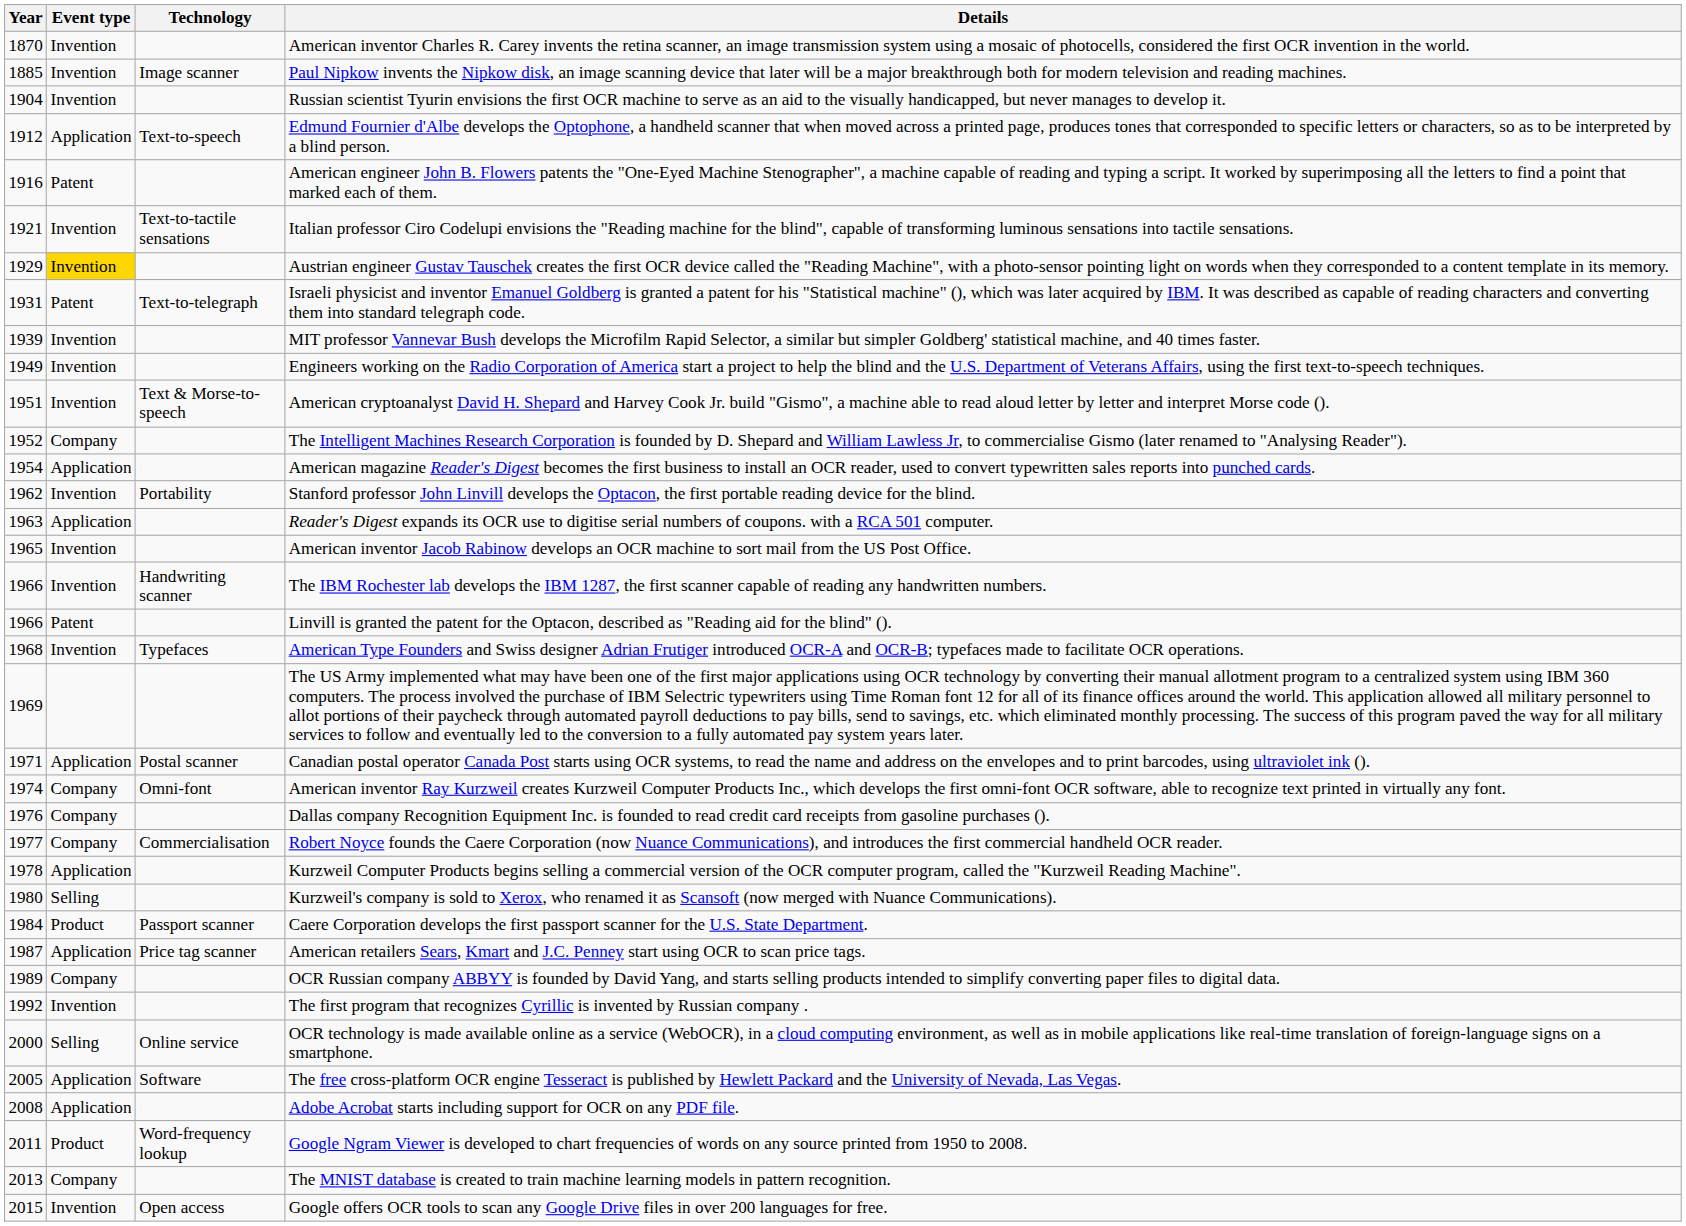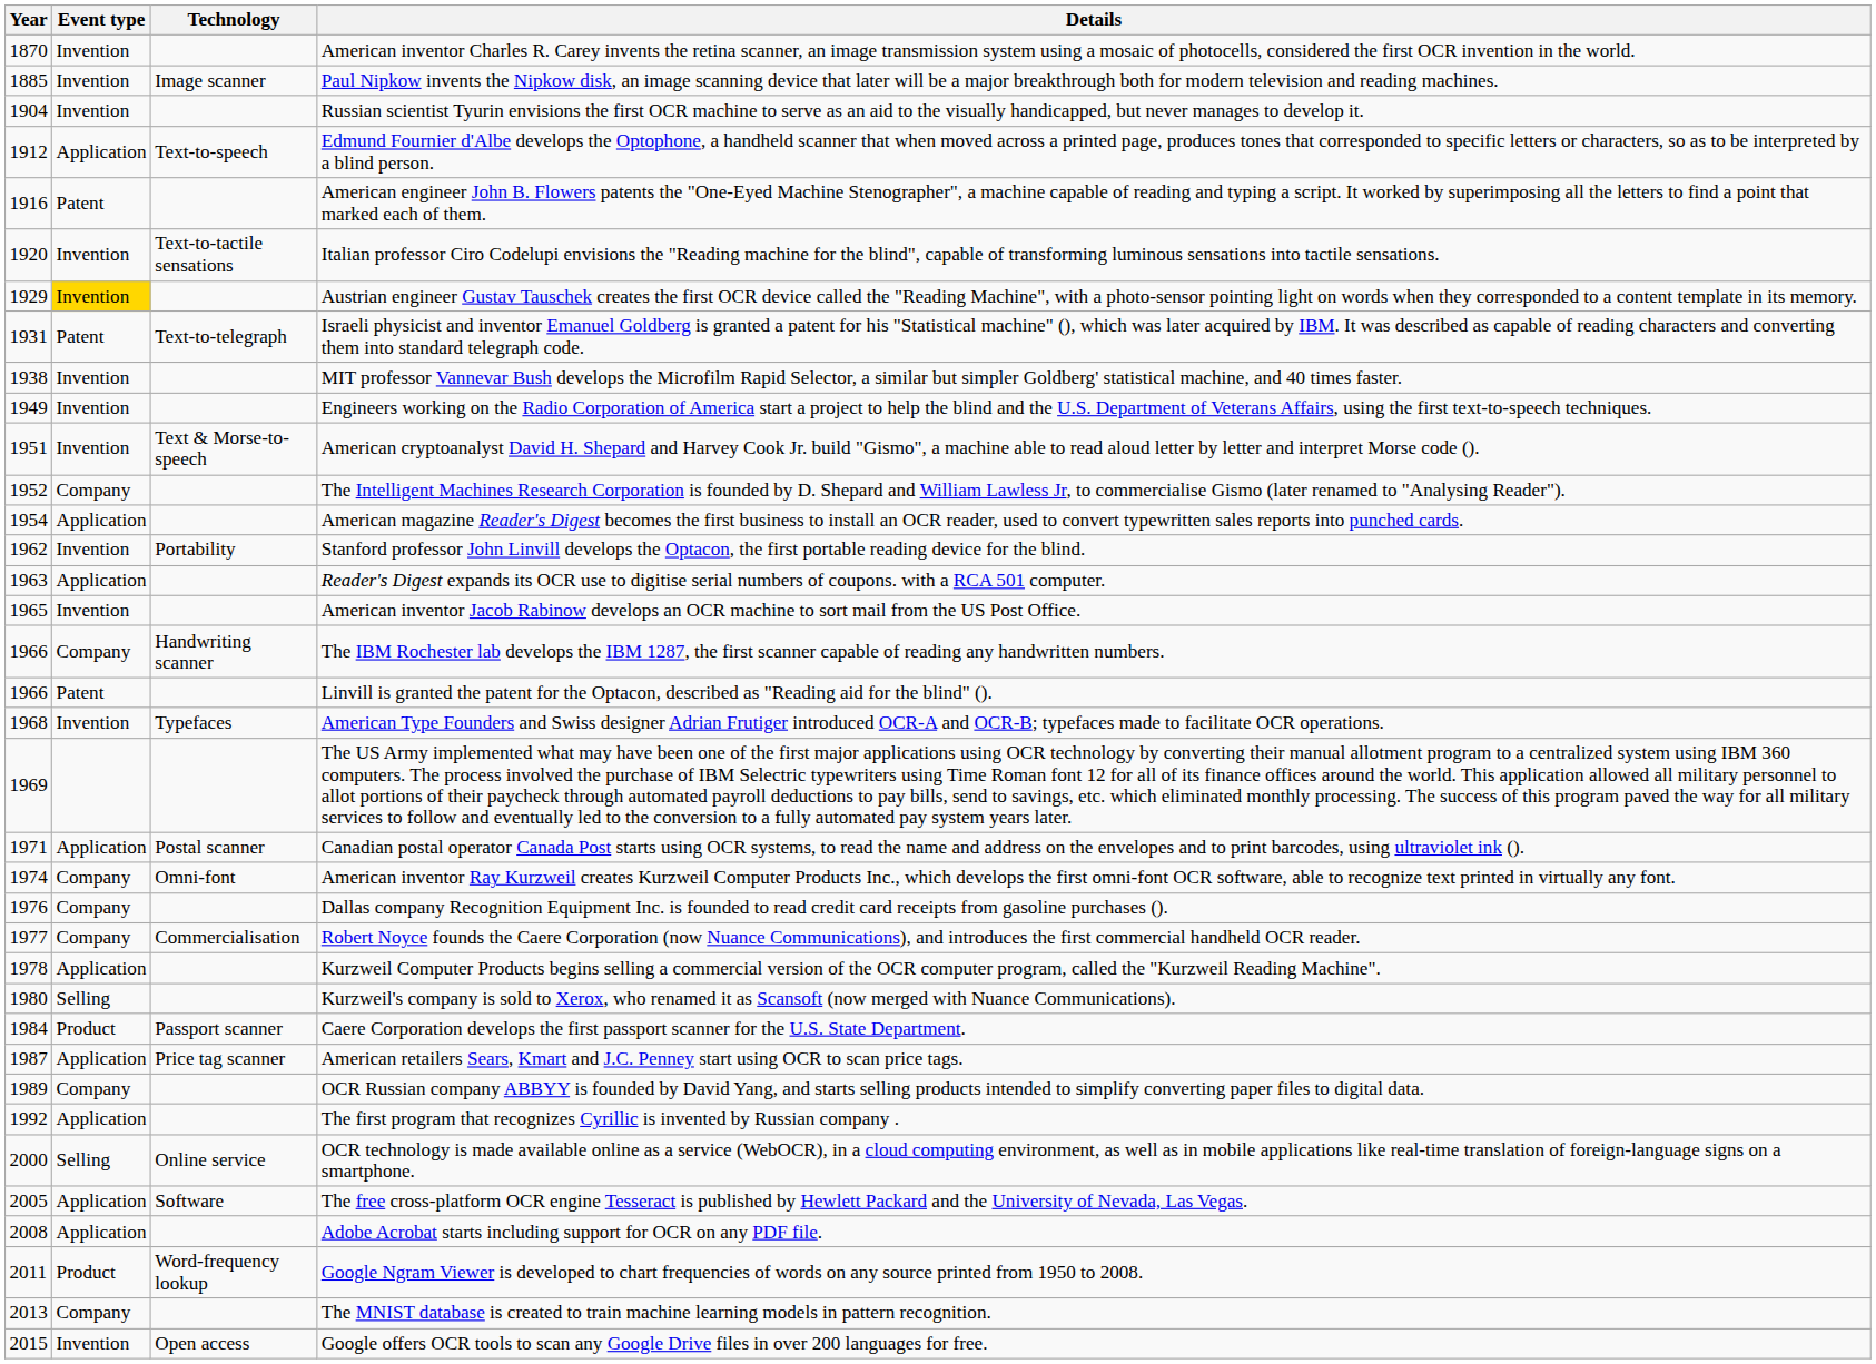 <table class="wikitable sortable">
 <tr>
 <th>Year</th>
 <th>Event type</th>
 <th>Technology</th>
 <th>Details</th>
 </tr>
 <tr>
 <td>1870</td>
 <td>Invention</td>
 <td></td>
 <td>American inventor Charles R. Carey invents the retina scanner, an image transmission system using a mosaic of photocells, considered the first OCR invention in the world.</td>
 </tr>
 <tr>
 <td>1885</td>
 <td>Invention</td>
 <td>Image scanner</td>
 <td><a href='#'>Paul Nipkow</a> invents the <a href='#'>Nipkow disk</a>, an image scanning device that later will be a major breakthrough both for modern television and reading machines.</td>
 </tr>
 <tr>
 <td>1904</td>
 <td>Invention</td>
 <td></td>
 <td>Russian scientist Tyurin envisions the first OCR machine to serve as an aid to the visually handicapped, but never manages to develop it.</td>
 </tr>
 <tr>
 <td>1912</td>
 <td>Application</td>
 <td>Text-to-speech</td>
 <td><a href='#'>Edmund Fournier d'Albe</a> develops the <a href='#'>Optophone</a>, a handheld scanner that when moved across a printed page, produces tones that corresponded to specific letters or characters, so as to be interpreted by a blind person.</td>
 </tr>
 <tr>
 <td>1916</td>
 <td>Patent</td>
 <td></td>
 <td>American engineer <a href='#'>John B. Flowers</a> patents the "One-Eyed Machine Stenographer", a machine capable of reading and typing a script. It worked by superimposing all the letters to find a point that marked each of them.</td>
 </tr>
 <tr>
-<td>1921</td>
+<td>1920</td>
 <td>Invention</td>
 <td>Text-to-tactile sensations</td>
 <td>Italian professor Ciro Codelupi envisions the "Reading machine for the blind", capable of transforming luminous sensations into tactile sensations.</td>
 </tr>
 <tr>
 <td>1929</td>
 <td style="background: gold;">Invention</td>
 <td></td>
 <td>Austrian engineer <a href='#'>Gustav Tauschek</a> creates the first OCR device called the "Reading Machine", with a photo-sensor pointing light on words when they corresponded to a content template in its memory.</td>
 </tr>
 <tr>
 <td>1931</td>
 <td>Patent</td>
 <td>Text-to-telegraph</td>
 <td>Israeli physicist and inventor <a href='#'>Emanuel Goldberg</a> is granted a patent for his "Statistical machine" (), which was later acquired by <a href='#'>IBM</a>. It was described as capable of reading characters and converting them into standard telegraph code.</td>
 </tr>
 <tr>
-<td>1939</td>
+<td>1938</td>
 <td>Invention</td>
 <td></td>
 <td>MIT professor <a href='#'>Vannevar Bush</a> develops the Microfilm Rapid Selector, a similar but simpler Goldberg' statistical machine, and 40 times faster.</td>
 </tr>
 <tr>
 <td>1949</td>
 <td>Invention</td>
 <td></td>
 <td>Engineers working on the <a href='#'>Radio Corporation of America</a> start a project to help the blind and the <a href='#'>U.S. Department of Veterans Affairs</a>, using the first text-to-speech techniques.</td>
 </tr>
 <tr>
 <td>1951</td>
 <td>Invention</td>
 <td>Text & Morse-to-speech</td>
 <td>American cryptoanalyst <a href='#'>David H. Shepard</a> and Harvey Cook Jr. build "Gismo", a machine able to read aloud letter by letter and interpret Morse code ().</td>
 </tr>
 <tr>
 <td>1952</td>
 <td>Company</td>
 <td></td>
 <td>The <a href='#'>Intelligent Machines Research Corporation</a> is founded by D. Shepard and <a href='#'>William Lawless Jr</a>, to commercialise Gismo (later renamed to "Analysing Reader").</td>
 </tr>
 <tr>
 <td>1954</td>
 <td>Application</td>
 <td></td>
 <td>American magazine <em><a href='#'>Reader's Digest</a></em> becomes the first business to install an OCR reader, used to convert typewritten sales reports into <a href='#'>punched cards</a>.</td>
 </tr>
 <tr>
 <td>1962</td>
 <td>Invention</td>
 <td>Portability</td>
 <td>Stanford professor <a href='#'>John Linvill</a> develops the <a href='#'>Optacon</a>, the first portable reading device for the blind.</td>
 </tr>
 <tr>
 <td>1963</td>
 <td>Application</td>
 <td></td>
 <td><em>Reader's Digest</em> expands its OCR use to digitise serial numbers of coupons. with a <a href='#'>RCA 501</a> computer.</td>
 </tr>
 <tr>
 <td>1965</td>
 <td>Invention</td>
 <td></td>
 <td>American inventor <a href='#'>Jacob Rabinow</a> develops an OCR machine to sort mail from the US Post Office.</td>
 </tr>
 <tr>
 <td>1966</td>
-<td>Invention</td>
+<td>Company</td>
 <td>Handwriting scanner</td>
 <td>The <a href='#'>IBM Rochester lab</a> develops the <a href='#'>IBM 1287</a>, the first scanner capable of reading any handwritten numbers.</td>
 </tr>
 <tr>
 <td>1966</td>
 <td>Patent</td>
 <td></td>
 <td>Linvill is granted the patent for the Optacon, described as "Reading aid for the blind" ().</td>
 </tr>
 <tr>
 <td>1968</td>
 <td>Invention</td>
 <td>Typefaces</td>
 <td><a href='#'>American Type Founders</a> and Swiss designer <a href='#'>Adrian Frutiger</a> introduced <a href='#'>OCR-A</a> and <a href='#'>OCR-B</a>; typefaces made to facilitate OCR operations.</td>
 </tr>
 <tr>
 <td>1969</td>
 <td></td>
 <td></td>
 <td>The US Army implemented what may have been one of the first major applications using OCR technology by converting their manual allotment program to a centralized system using IBM 360 computers. The process involved the purchase of IBM Selectric typewriters using Time Roman font 12 for all of its finance offices around the world. This application allowed all military personnel to allot portions of their paycheck through automated payroll deductions to pay bills, send to savings, etc. which eliminated monthly processing. The success of this program paved the way for all military services to follow and eventually led to the conversion to a fully automated pay system years later.</td>
 </tr>
 <tr>
 <td>1971</td>
 <td>Application</td>
 <td>Postal scanner</td>
 <td>Canadian postal operator <a href='#'>Canada Post</a> starts using OCR systems, to read the name and address on the envelopes and to print barcodes, using <a href='#'>ultraviolet ink</a> ().</td>
 </tr>
 <tr>
 <td>1974</td>
 <td>Company</td>
 <td>Omni-font</td>
 <td>American inventor <a href='#'>Ray Kurzweil</a> creates Kurzweil Computer Products Inc., which develops the first omni-font OCR software, able to recognize text printed in virtually any font.</td>
 </tr>
 <tr>
 <td>1976</td>
 <td>Company</td>
 <td></td>
 <td>Dallas company Recognition Equipment Inc. is founded to read credit card receipts from gasoline purchases ().</td>
 </tr>
 <tr>
 <td>1977</td>
 <td>Company</td>
 <td>Commercialisation</td>
 <td><a href='#'>Robert Noyce</a> founds the Caere Corporation (now <a href='#'>Nuance Communications</a>), and introduces the first commercial handheld OCR reader.</td>
 </tr>
 <tr>
 <td>1978</td>
 <td>Application</td>
 <td></td>
 <td>Kurzweil Computer Products begins selling a commercial version of the OCR computer program, called the "Kurzweil Reading Machine".</td>
 </tr>
 <tr>
 <td>1980</td>
 <td>Selling</td>
 <td></td>
 <td>Kurzweil's company is sold to <a href='#'>Xerox</a>, who renamed it as <a href='#'>Scansoft</a> (now merged with Nuance Communications).</td>
 </tr>
 <tr>
 <td>1984</td>
 <td>Product</td>
 <td>Passport scanner</td>
 <td>Caere Corporation develops the first passport scanner for the <a href='#'>U.S. State Department</a>.</td>
 </tr>
 <tr>
 <td>1987</td>
 <td>Application</td>
 <td>Price tag scanner</td>
 <td>American retailers <a href='#'>Sears</a>, <a href='#'>Kmart</a> and <a href='#'>J.C. Penney</a> start using OCR to scan price tags.</td>
 </tr>
 <tr>
 <td>1989</td>
 <td>Company</td>
 <td></td>
 <td>OCR Russian company <a href='#'>ABBYY</a> is founded by David Yang, and starts selling products intended to simplify converting paper files to digital data.</td>
 </tr>
 <tr>
 <td>1992</td>
-<td>Invention</td>
+<td>Application</td>
 <td></td>
 <td>The first program that recognizes <a href='#'>Cyrillic</a> is invented by Russian company .</td>
 </tr>
 <tr>
 <td>2000</td>
 <td>Selling</td>
 <td>Online service</td>
 <td>OCR technology is made available online as a service (WebOCR), in a <a href='#'>cloud computing</a> environment, as well as in mobile applications like real-time translation of foreign-language signs on a smartphone.</td>
 </tr>
 <tr>
 <td>2005</td>
 <td>Application</td>
 <td>Software</td>
 <td>The <a href='#'>free</a> cross-platform OCR engine <a href='#'>Tesseract</a> is published by <a href='#'>Hewlett Packard</a> and the <a href='#'>University of Nevada, Las Vegas</a>.</td>
 </tr>
 <tr>
 <td>2008</td>
 <td>Application</td>
 <td></td>
 <td><a href='#'>Adobe Acrobat</a> starts including support for OCR on any <a href='#'>PDF file</a>.</td>
 </tr>
 <tr>
 <td>2011</td>
 <td>Product</td>
 <td>Word-frequency lookup</td>
 <td><a href='#'>Google Ngram Viewer</a> is developed to chart frequencies of words on any source printed from 1950 to 2008.</td>
 </tr>
 <tr>
 <td>2013</td>
 <td>Company</td>
 <td></td>
 <td>The <a href='#'>MNIST database</a> is created to train machine learning models in pattern recognition.</td>
 </tr>
 <tr>
 <td>2015</td>
 <td>Invention</td>
 <td>Open access</td>
 <td>Google offers OCR tools to scan any <a href='#'>Google Drive</a> files in over 200 languages for free.</td>
 </tr>
 </table>
